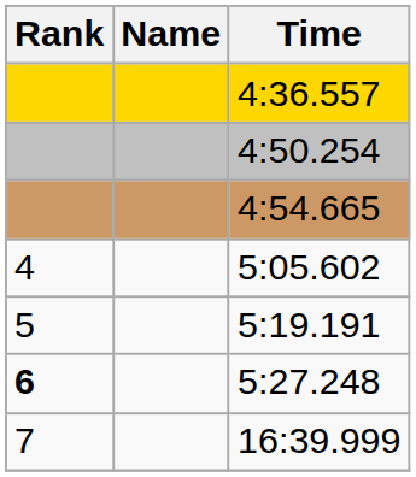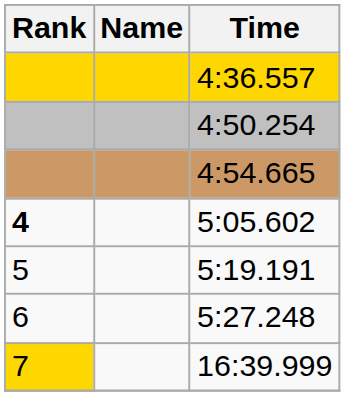 <table class="wikitable">
 <tr>
 <th>Rank</th>
 <th>Name</th>
 <th>Time</th>
 </tr>
 <tr style="background:gold;">
 <td></td>
 <td></td>
 <td>4:36.557</td>
 </tr>
 <tr style="background:silver;">
 <td></td>
 <td></td>
 <td>4:50.254</td>
 </tr>
 <tr style="background:#CC9966;">
 <td></td>
 <td></td>
 <td>4:54.665</td>
 </tr>
 <tr>
-<td>4</td>
+<td><strong>4</strong></td>
 <td></td>
 <td>5:05.602</td>
 </tr>
 <tr>
 <td>5</td>
 <td></td>
 <td>5:19.191</td>
 </tr>
 <tr>
-<td><strong>6</strong></td>
+<td>6</td>
 <td></td>
 <td>5:27.248</td>
 </tr>
 <tr>
-<td>7</td>
+<td style="background: gold;">7</td>
 <td></td>
 <td>16:39.999</td>
 </tr>
 <tr>
 </tr>
 </table>
